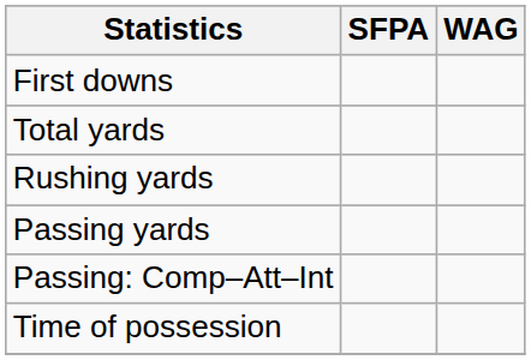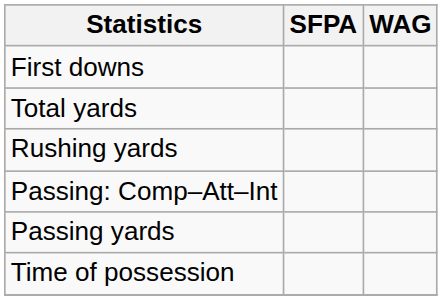 <table class="wikitable" style="float: left;">
 <tr>
 <th>Statistics</th>
 <th>SFPA</th>
 <th>WAG</th>
 </tr>
 <tr>
 <td>First downs</td>
 <td></td>
 <td></td>
 </tr>
 <tr>
 <td>Total yards</td>
 <td></td>
 <td></td>
 </tr>
 <tr>
 <td>Rushing yards</td>
 <td></td>
 <td></td>
 </tr>
 <tr>
-<td>Passing yards</td>
+<td>Passing: Comp–Att–Int</td>
 <td></td>
 <td></td>
 </tr>
 <tr>
-<td>Passing: Comp–Att–Int</td>
+<td>Passing yards</td>
 <td></td>
 <td></td>
 </tr>
 <tr>
 <td>Time of possession</td>
 <td></td>
 <td></td>
 </tr>
 <tr>
 </tr>
 </table>
